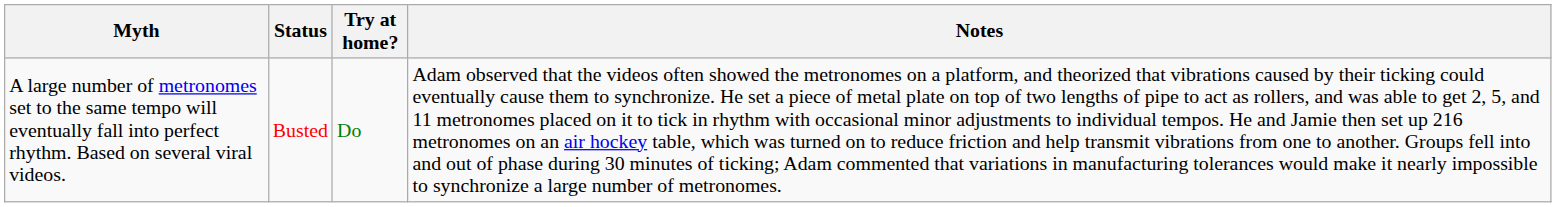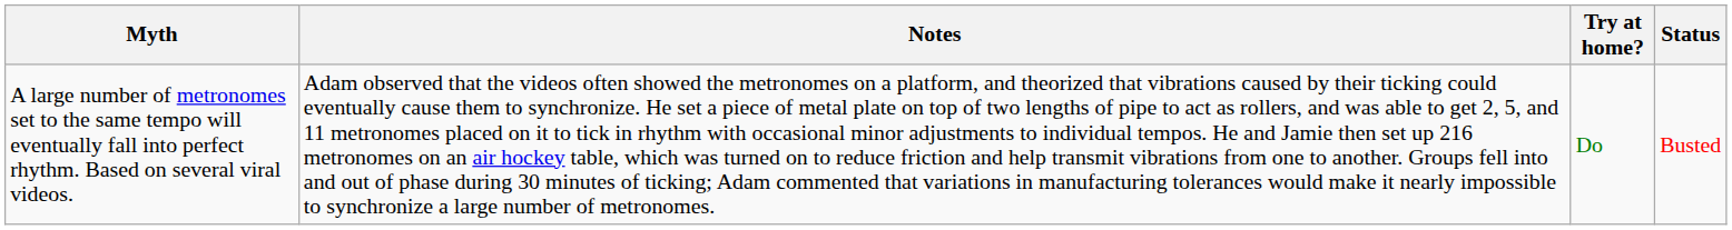 <table class="wikitable plainrowheaders">
 <tr>
 <th scope"col">Myth</th>
+<th scope"col">Notes</th>
+<th scope"col">Try at home?</th>
 <th scope"col">Status</th>
-<th scope"col">Try at home?</th>
-<th scope"col">Notes</th>
 </tr>
 <tr>
 <td scope"row">A large number of <a href='#'>metronomes</a> set to the same tempo will eventually fall into perfect rhythm. Based on several viral videos.</td>
+<td>Adam observed that the videos often showed the metronomes on a platform, and theorized that vibrations caused by their ticking could eventually cause them to synchronize. He set a piece of metal plate on top of two lengths of pipe to act as rollers, and was able to get 2, 5, and 11 metronomes placed on it to tick in rhythm with occasional minor adjustments to individual tempos. He and Jamie then set up 216 metronomes on an <a href='#'>air hockey</a> table, which was turned on to reduce friction and help transmit vibrations from one to another. Groups fell into and out of phase during 30 minutes of ticking; Adam commented that variations in manufacturing tolerances would make it nearly impossible to synchronize a large number of metronomes.</td>
+<td style="color:green">Do</td>
 <td style="color:red">Busted</td>
-<td style="color:green">Do</td>
-<td>Adam observed that the videos often showed the metronomes on a platform, and theorized that vibrations caused by their ticking could eventually cause them to synchronize. He set a piece of metal plate on top of two lengths of pipe to act as rollers, and was able to get 2, 5, and 11 metronomes placed on it to tick in rhythm with occasional minor adjustments to individual tempos. He and Jamie then set up 216 metronomes on an <a href='#'>air hockey</a> table, which was turned on to reduce friction and help transmit vibrations from one to another. Groups fell into and out of phase during 30 minutes of ticking; Adam commented that variations in manufacturing tolerances would make it nearly impossible to synchronize a large number of metronomes.</td>
 </tr>
 </table>
